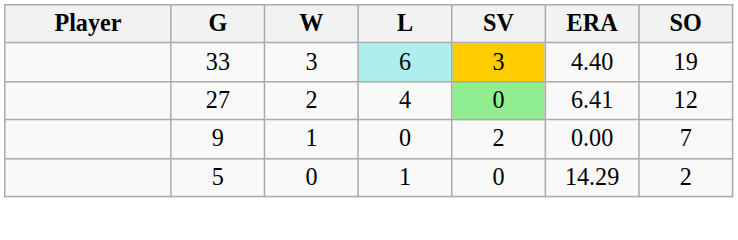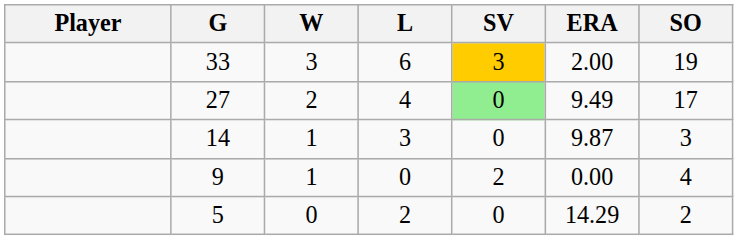 <table class="wikitable sortable">
 <tr>
 <th bgcolor="#DDDDFF" width="16%">Player</th>
 <th bgcolor="#DDDDFF" width="9%">G</th>
 <th bgcolor="#DDDDFF" width="9%">W</th>
 <th bgcolor="#DDDDFF" width="9%">L</th>
 <th bgcolor="#DDDDFF" width="9%">SV</th>
 <th bgcolor="#DDDDFF" width="9%">ERA</th>
 <th bgcolor="#DDDDFF" width="9%">SO</th>
 </tr>
 <tr align="center">
 <td></td>
 <td>33</td>
 <td>3</td>
-<td style="background: paleturquoise;">6</td>
+<td>6</td>
 <td style="background:#fc0;">3</td>
-<td>4.40</td>
+<td>2.00</td>
 <td>19</td>
 </tr>
 <tr align="center">
 <td></td>
 <td>27</td>
 <td>2</td>
 <td>4</td>
 <td style="background: lightgreen;">0</td>
-<td>6.41</td>
-<td>12</td>
+<td>9.49</td>
+<td>17</td>
+</tr>
+<tr align="center">
+<td></td>
+<td>14</td>
+<td>1</td>
+<td>3</td>
+<td>0</td>
+<td>9.87</td>
+<td>3</td>
 </tr>
 <tr align="center">
 <td></td>
 <td>9</td>
 <td>1</td>
 <td>0</td>
 <td>2</td>
 <td>0.00</td>
-<td>7</td>
+<td>4</td>
 </tr>
 <tr align="center">
 <td></td>
 <td>5</td>
 <td>0</td>
-<td>1</td>
+<td>2</td>
 <td>0</td>
 <td>14.29</td>
 <td>2</td>
 </tr>
 </table>
